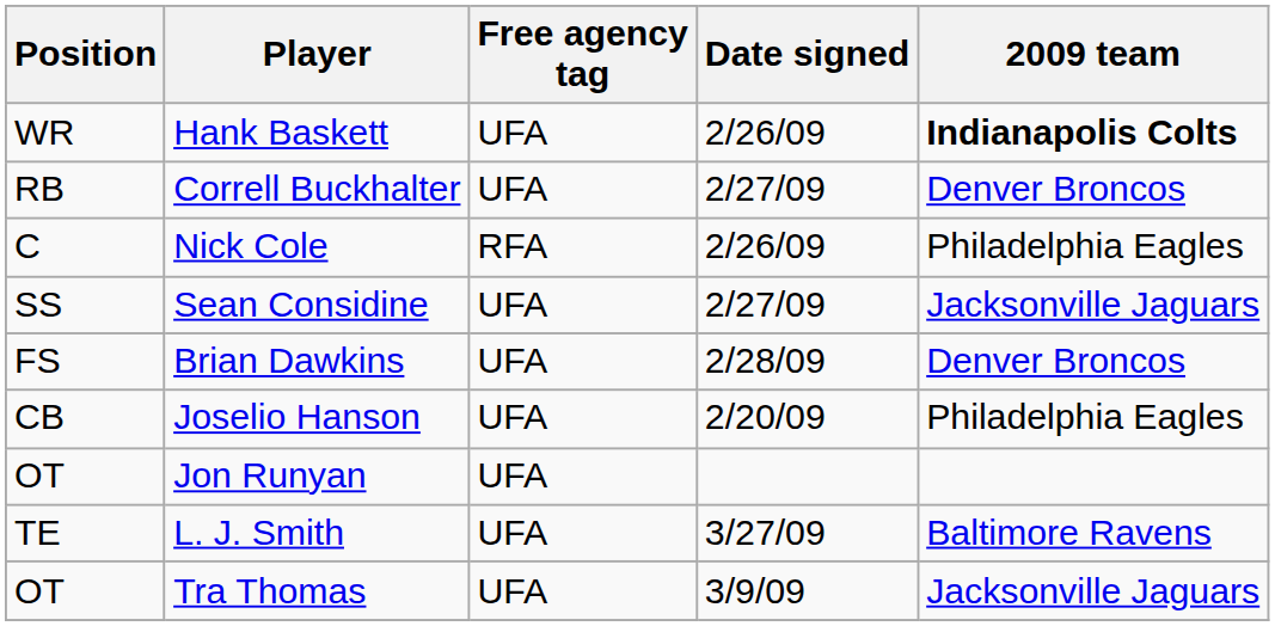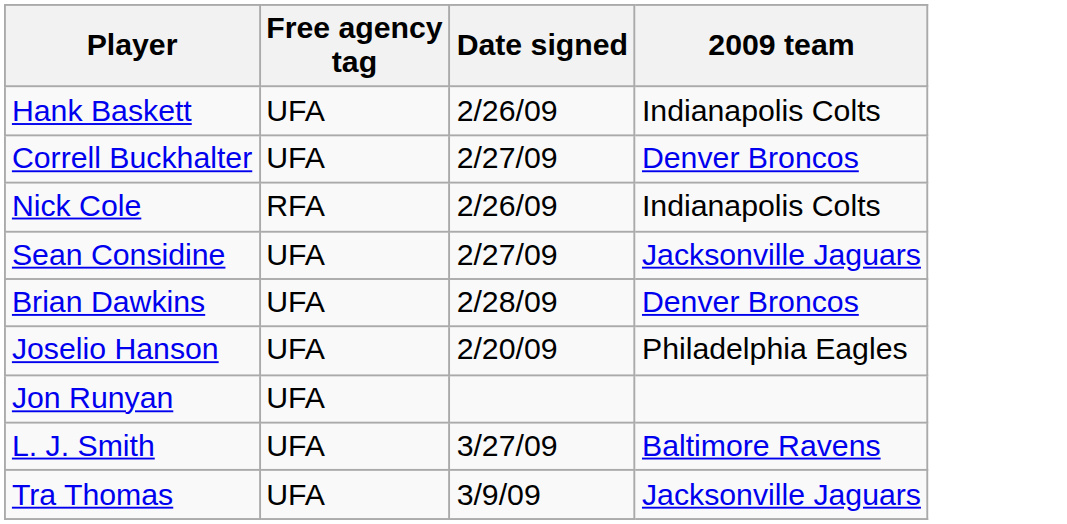 <table class="wikitable">
 <tr>
-<th>Position</th>
 <th>Player</th>
 <th>Free agency<br>tag</th>
 <th>Date signed</th>
 <th>2009 team</th>
 </tr>
 <tr style= style="text-align:center;">
-<td>WR</td>
 <td><a href='#'>Hank Baskett</a></td>
 <td>UFA</td>
 <td>2/26/09</td>
-<td><strong>Indianapolis Colts</strong></td>
+<td>Indianapolis Colts</td>
 </tr>
 <tr style= style="text-align:center;">
-<td>RB</td>
 <td><a href='#'>Correll Buckhalter</a></td>
 <td>UFA</td>
 <td>2/27/09</td>
 <td><a href='#'>Denver Broncos</a></td>
 </tr>
 <tr style= style="text-align:center;">
-<td>C</td>
 <td><a href='#'>Nick Cole</a></td>
 <td>RFA</td>
 <td>2/26/09</td>
-<td>Philadelphia Eagles</td>
+<td>Indianapolis Colts</td>
 </tr>
 <tr style= style="text-align:center;">
-<td>SS</td>
 <td><a href='#'>Sean Considine</a></td>
 <td>UFA</td>
 <td>2/27/09</td>
 <td><a href='#'>Jacksonville Jaguars</a></td>
 </tr>
 <tr style= style="text-align:center;">
-<td>FS</td>
 <td><a href='#'>Brian Dawkins</a></td>
 <td>UFA</td>
 <td>2/28/09</td>
 <td><a href='#'>Denver Broncos</a></td>
 </tr>
 <tr style= style="text-align:center;">
-<td>CB</td>
 <td><a href='#'>Joselio Hanson</a></td>
 <td>UFA</td>
 <td>2/20/09</td>
 <td>Philadelphia Eagles</td>
 </tr>
 <tr style= style="text-align:center;">
-<td>OT</td>
 <td><a href='#'>Jon Runyan</a></td>
 <td>UFA</td>
 <td></td>
 <td></td>
 </tr>
 <tr style= style="text-align:center;">
-<td>TE</td>
 <td><a href='#'>L. J. Smith</a></td>
 <td>UFA</td>
 <td>3/27/09</td>
 <td><a href='#'>Baltimore Ravens</a></td>
 </tr>
 <tr style= style="text-align:center;">
-<td>OT</td>
 <td><a href='#'>Tra Thomas</a></td>
 <td>UFA</td>
 <td>3/9/09</td>
 <td><a href='#'>Jacksonville Jaguars</a></td>
 </tr>
 </table>
